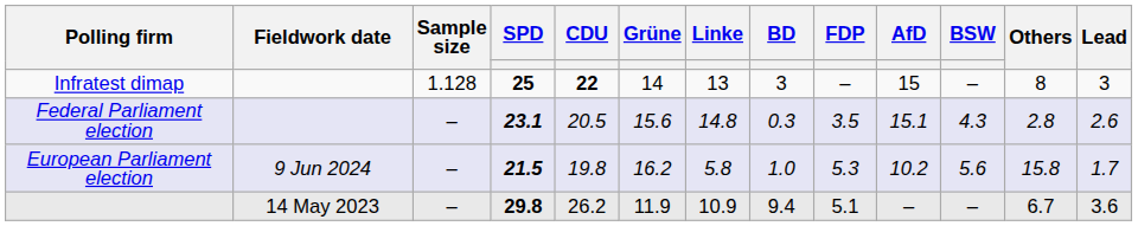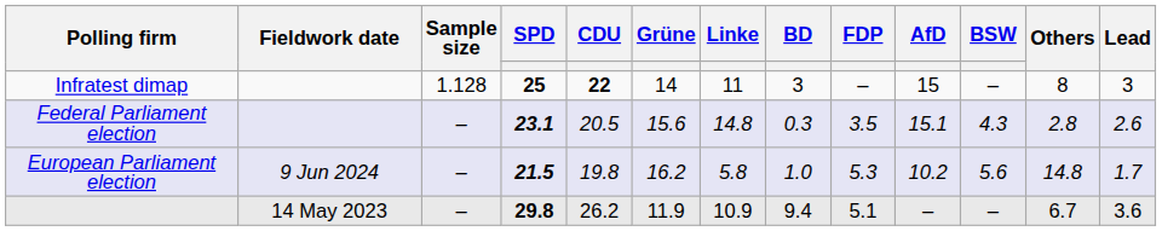 <table class="wikitable sortable" style="text-align:center;font-size:90%;line-height:14px;">
 <tr style="height:40px;">
 <th style="width:160px;" rowspan="2">Polling firm</th>
 <th style="width:125px;" rowspan="2">Fieldwork date</th>
 <th style="width:35px;" rowspan="2">Sample<br>size</th>
 <th class="unsortable" style="width:40px;"><a href='#'>SPD</a></th>
 <th class="unsortable" style="width:40px;"><a href='#'>CDU</a></th>
 <th class="unsortable" style="width:40px;"><a href='#'>Grüne</a></th>
 <th class="unsortable" style="width:40px;"><a href='#'>Linke</a></th>
 <th class="unsortable" style="width:40px;"><a href='#'>BD</a></th>
 <th class="unsortable" style="width:40px;"><a href='#'>FDP</a></th>
 <th class="unsortable" style="width:40px;"><a href='#'>AfD</a></th>
 <th class="unsortable" style="width:40px;"><a href='#'>BSW</a></th>
 <th class="unsortable" style="width:40px;" rowspan="2">Others</th>
 <th style="width:30px;" rowspan="2">Lead</th>
 </tr>
 <tr>
 <th style="background:"></th>
 <th style="background:"></th>
 <th style="background:"></th>
 <th style="background:"></th>
 <th style="background:"></th>
 <th style="background:"></th>
 <th style="background:"></th>
 <th style="background:"></th>
 </tr>
 <tr>
 <td><a href='#'>Infratest dimap</a></td>
 <td></td>
 <td>1.128</td>
 <td><strong>25</strong></td>
 <td><strong>22</strong></td>
 <td>14</td>
-<td>13</td>
+<td>11</td>
 <td>3</td>
 <td>–</td>
 <td>15</td>
 <td>–</td>
 <td>8</td>
 <td style="background:">3</td>
 </tr>
 <tr style="background:#E5E5F5;font-style:italic;">
 <td><a href='#'>Federal Parliament election</a></td>
 <td></td>
 <td>–</td>
 <td><strong>23.1</strong></td>
 <td>20.5</td>
 <td>15.6</td>
 <td>14.8</td>
 <td>0.3</td>
 <td>3.5</td>
 <td>15.1</td>
 <td>4.3</td>
 <td>2.8</td>
 <td style="background:">2.6</td>
 </tr>
 <tr style="background:#E5E5F5;font-style:italic;">
 <td><a href='#'>European Parliament election</a></td>
 <td data-sort-value="2024-06-09">9 Jun 2024</td>
 <td>–</td>
 <td><strong>21.5</strong></td>
 <td>19.8</td>
 <td>16.2</td>
 <td>5.8</td>
 <td>1.0</td>
 <td>5.3</td>
 <td>10.2</td>
 <td>5.6</td>
-<td>15.8</td>
+<td>14.8</td>
 <td style="background:">1.7</td>
 </tr>
 <tr style="background:#E9E9E9;">
 <td></td>
 <td data-sort-value="2022-03-27">14 May 2023</td>
 <td>–</td>
 <td><strong>29.8</strong></td>
 <td>26.2</td>
 <td>11.9</td>
 <td>10.9</td>
 <td>9.4</td>
 <td>5.1</td>
 <td>–</td>
 <td>–</td>
 <td>6.7</td>
 <td style="background:">3.6</td>
 </tr>
 </table>
